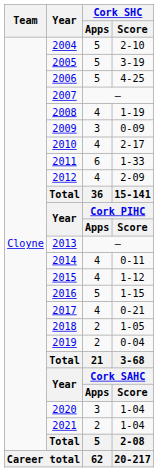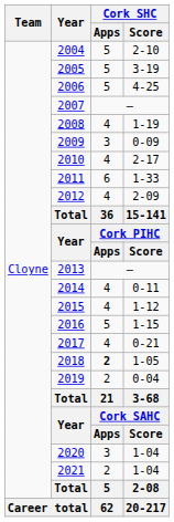 <table class="wikitable" style="text-align:center">
 <tr>
 <th rowspan="2">Team</th>
 <th rowspan="2">Year</th>
 <th colspan="2"><a href='#'>Cork SHC</a></th>
 </tr>
 <tr>
 <th>Apps</th>
 <th>Score</th>
 </tr>
 <tr>
 <td rowspan="25"><a href='#'>Cloyne</a></td>
 <td><a href='#'>2004</a></td>
 <td>5</td>
 <td>2-10</td>
 </tr>
 <tr>
 <td><a href='#'>2005</a></td>
 <td>5</td>
 <td>3-19</td>
 </tr>
 <tr>
 <td><a href='#'>2006</a></td>
 <td>5</td>
 <td>4-25</td>
 </tr>
 <tr>
 <td><a href='#'>2007</a></td>
 <td colspan=2>—</td>
 </tr>
 <tr>
 <td><a href='#'>2008</a></td>
 <td>4</td>
 <td>1-19</td>
 </tr>
 <tr>
 <td><a href='#'>2009</a></td>
 <td>3</td>
 <td>0-09</td>
 </tr>
 <tr>
 <td><a href='#'>2010</a></td>
 <td>4</td>
 <td>2-17</td>
 </tr>
 <tr>
 <td><a href='#'>2011</a></td>
 <td>6</td>
 <td>1-33</td>
 </tr>
 <tr>
 <td><a href='#'>2012</a></td>
 <td>4</td>
 <td>2-09</td>
 </tr>
 <tr>
 <th>Total</th>
 <th>36</th>
 <th>15-141</th>
 </tr>
 <tr>
 <th rowspan=2>Year</th>
 <th colspan=2><a href='#'>Cork PIHC</a></th>
 </tr>
 <tr>
 <th>Apps</th>
 <th>Score</th>
 </tr>
 <tr>
 <td><a href='#'>2013</a></td>
 <td colspan=2>—</td>
 </tr>
 <tr>
 <td><a href='#'>2014</a></td>
 <td>4</td>
 <td>0-11</td>
 </tr>
 <tr>
 <td><a href='#'>2015</a></td>
 <td>4</td>
 <td>1-12</td>
 </tr>
 <tr>
 <td><a href='#'>2016</a></td>
 <td>5</td>
 <td>1-15</td>
 </tr>
 <tr>
 <td><a href='#'>2017</a></td>
 <td>4</td>
 <td>0-21</td>
 </tr>
 <tr>
 <td><a href='#'>2018</a></td>
-<td>2</td>
+<td><strong>2</strong></td>
 <td>1-05</td>
 </tr>
 <tr>
 <td><a href='#'>2019</a></td>
 <td>2</td>
 <td>0-04</td>
 </tr>
 <tr>
 <th>Total</th>
 <th>21</th>
 <th>3-68</th>
 </tr>
 <tr>
 <th rowspan=2>Year</th>
 <th colspan=2><a href='#'>Cork SAHC</a></th>
 </tr>
 <tr>
 <th>Apps</th>
 <th>Score</th>
 </tr>
 <tr>
 <td><a href='#'>2020</a></td>
 <td>3</td>
 <td>1-04</td>
 </tr>
 <tr>
 <td><a href='#'>2021</a></td>
 <td>2</td>
 <td>1-04</td>
 </tr>
 <tr>
 <th>Total</th>
 <th>5</th>
 <th>2-08</th>
 </tr>
 <tr>
 <th colspan="2">Career total</th>
 <th>62</th>
 <th>20-217</th>
 </tr>
 </table>
